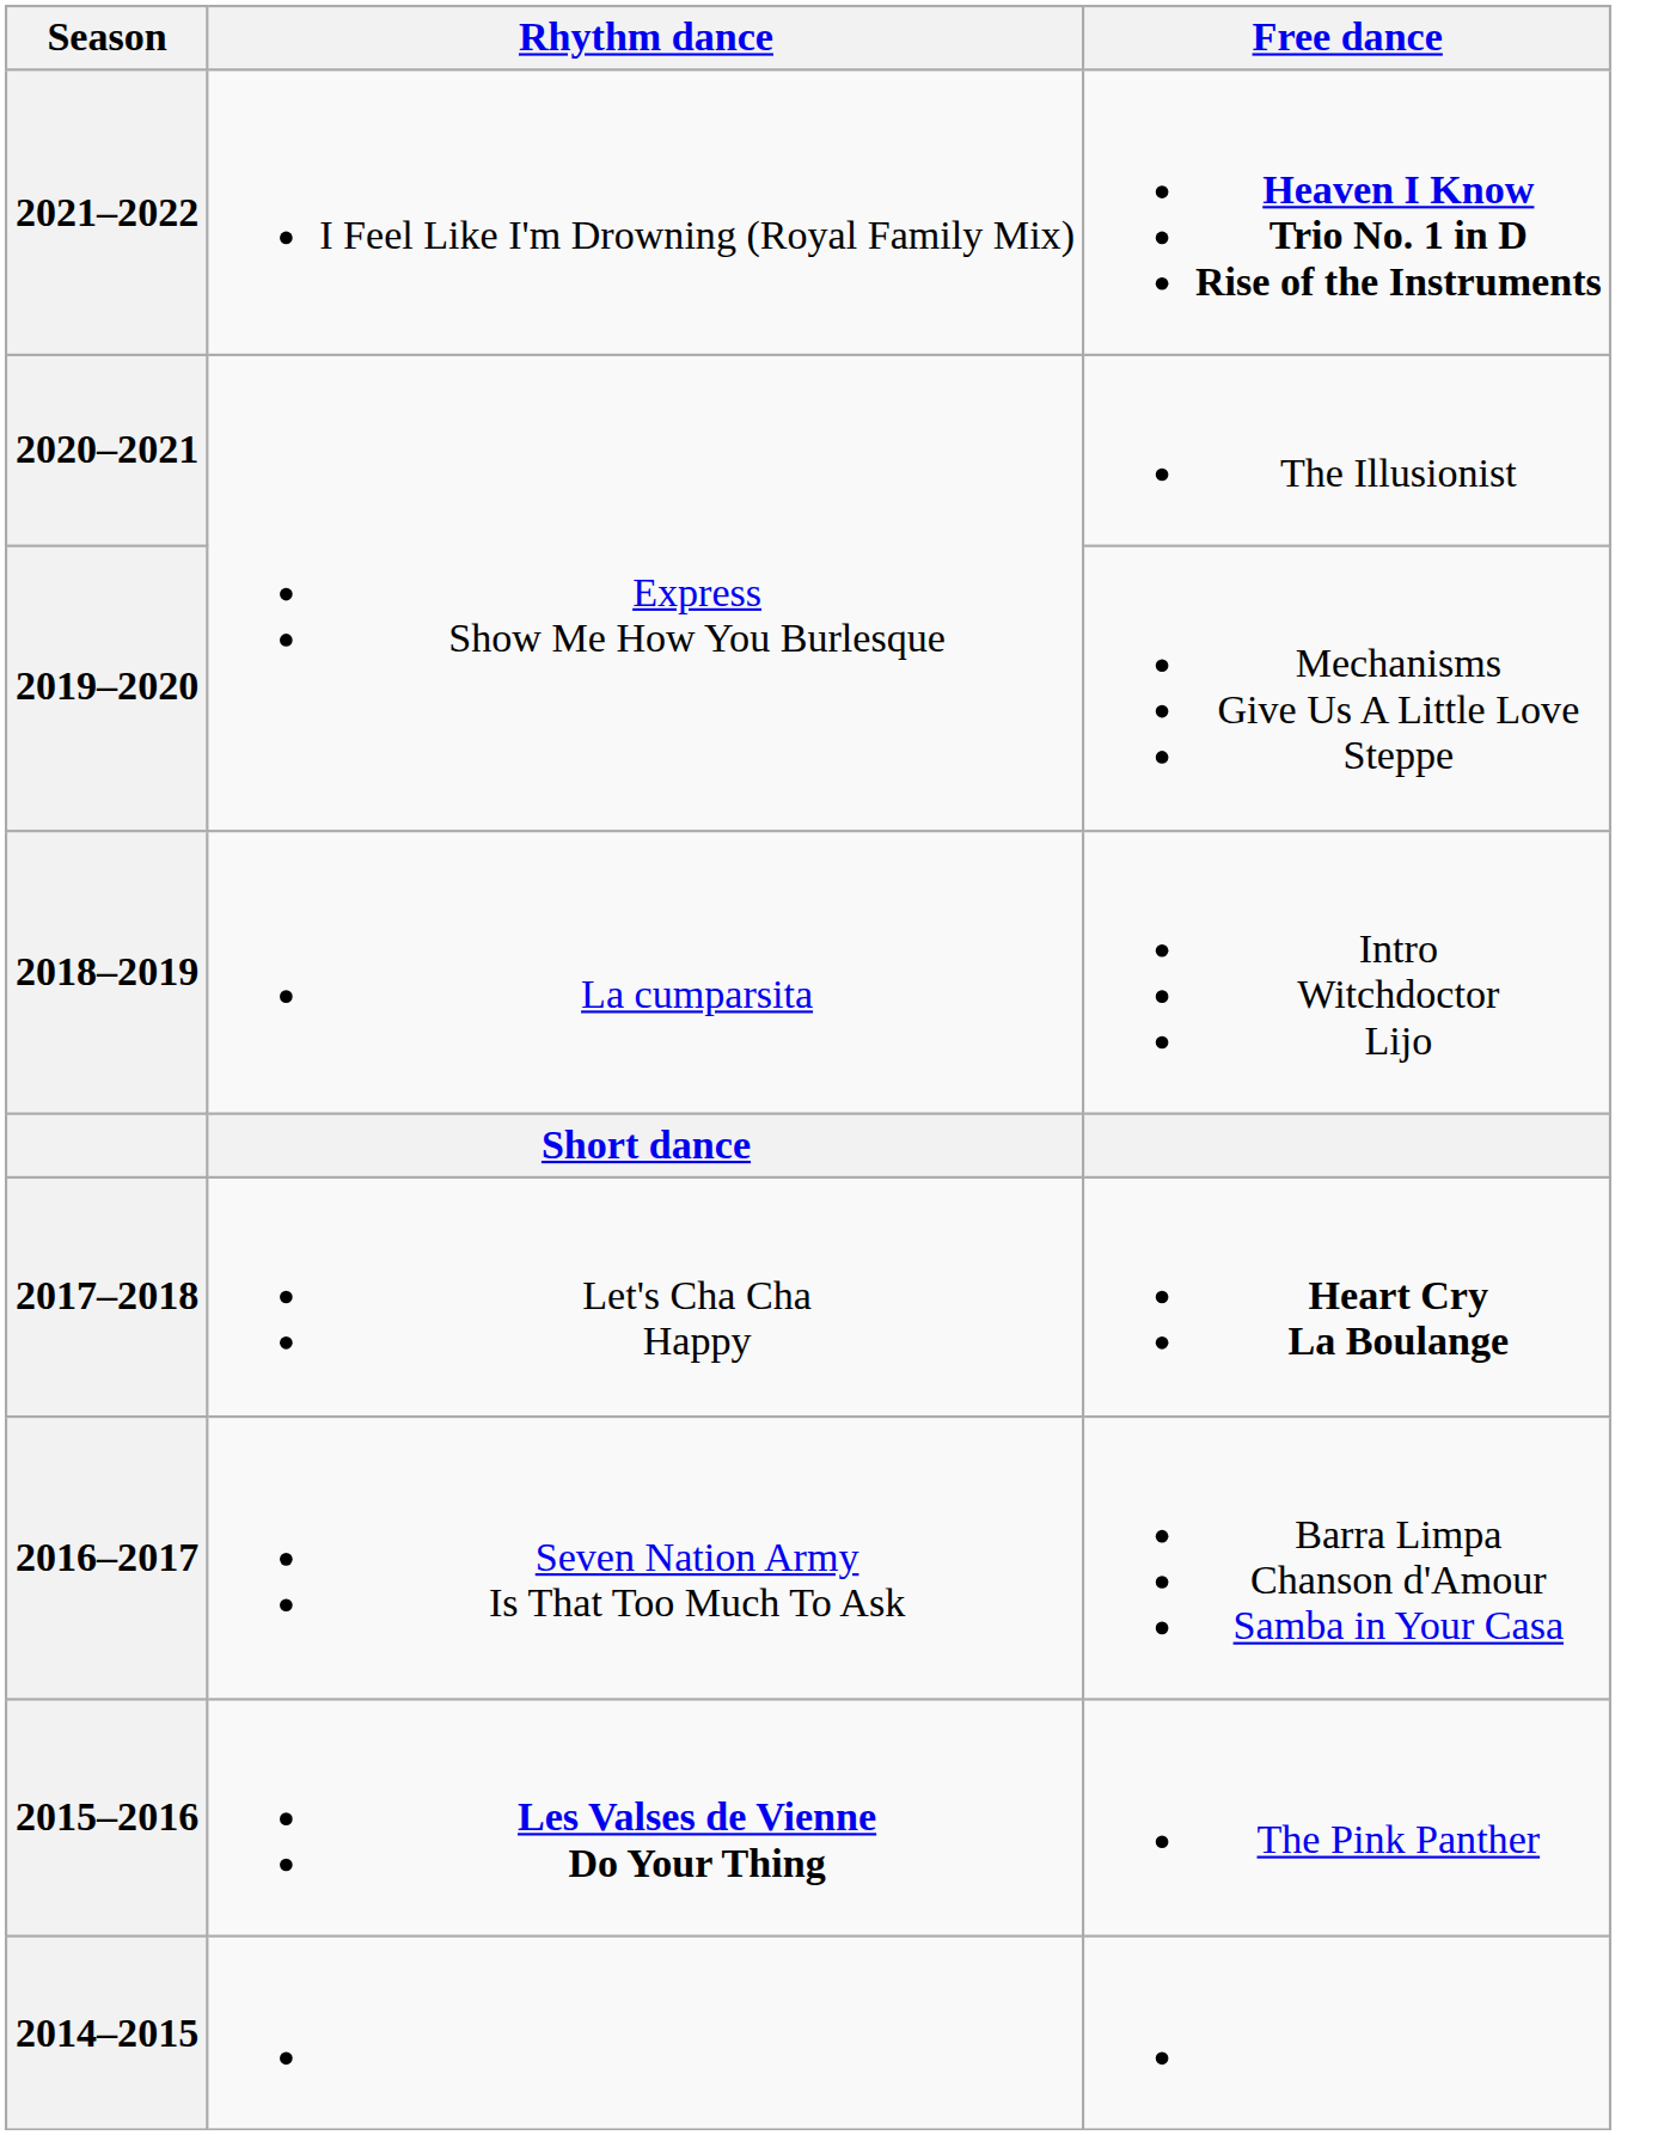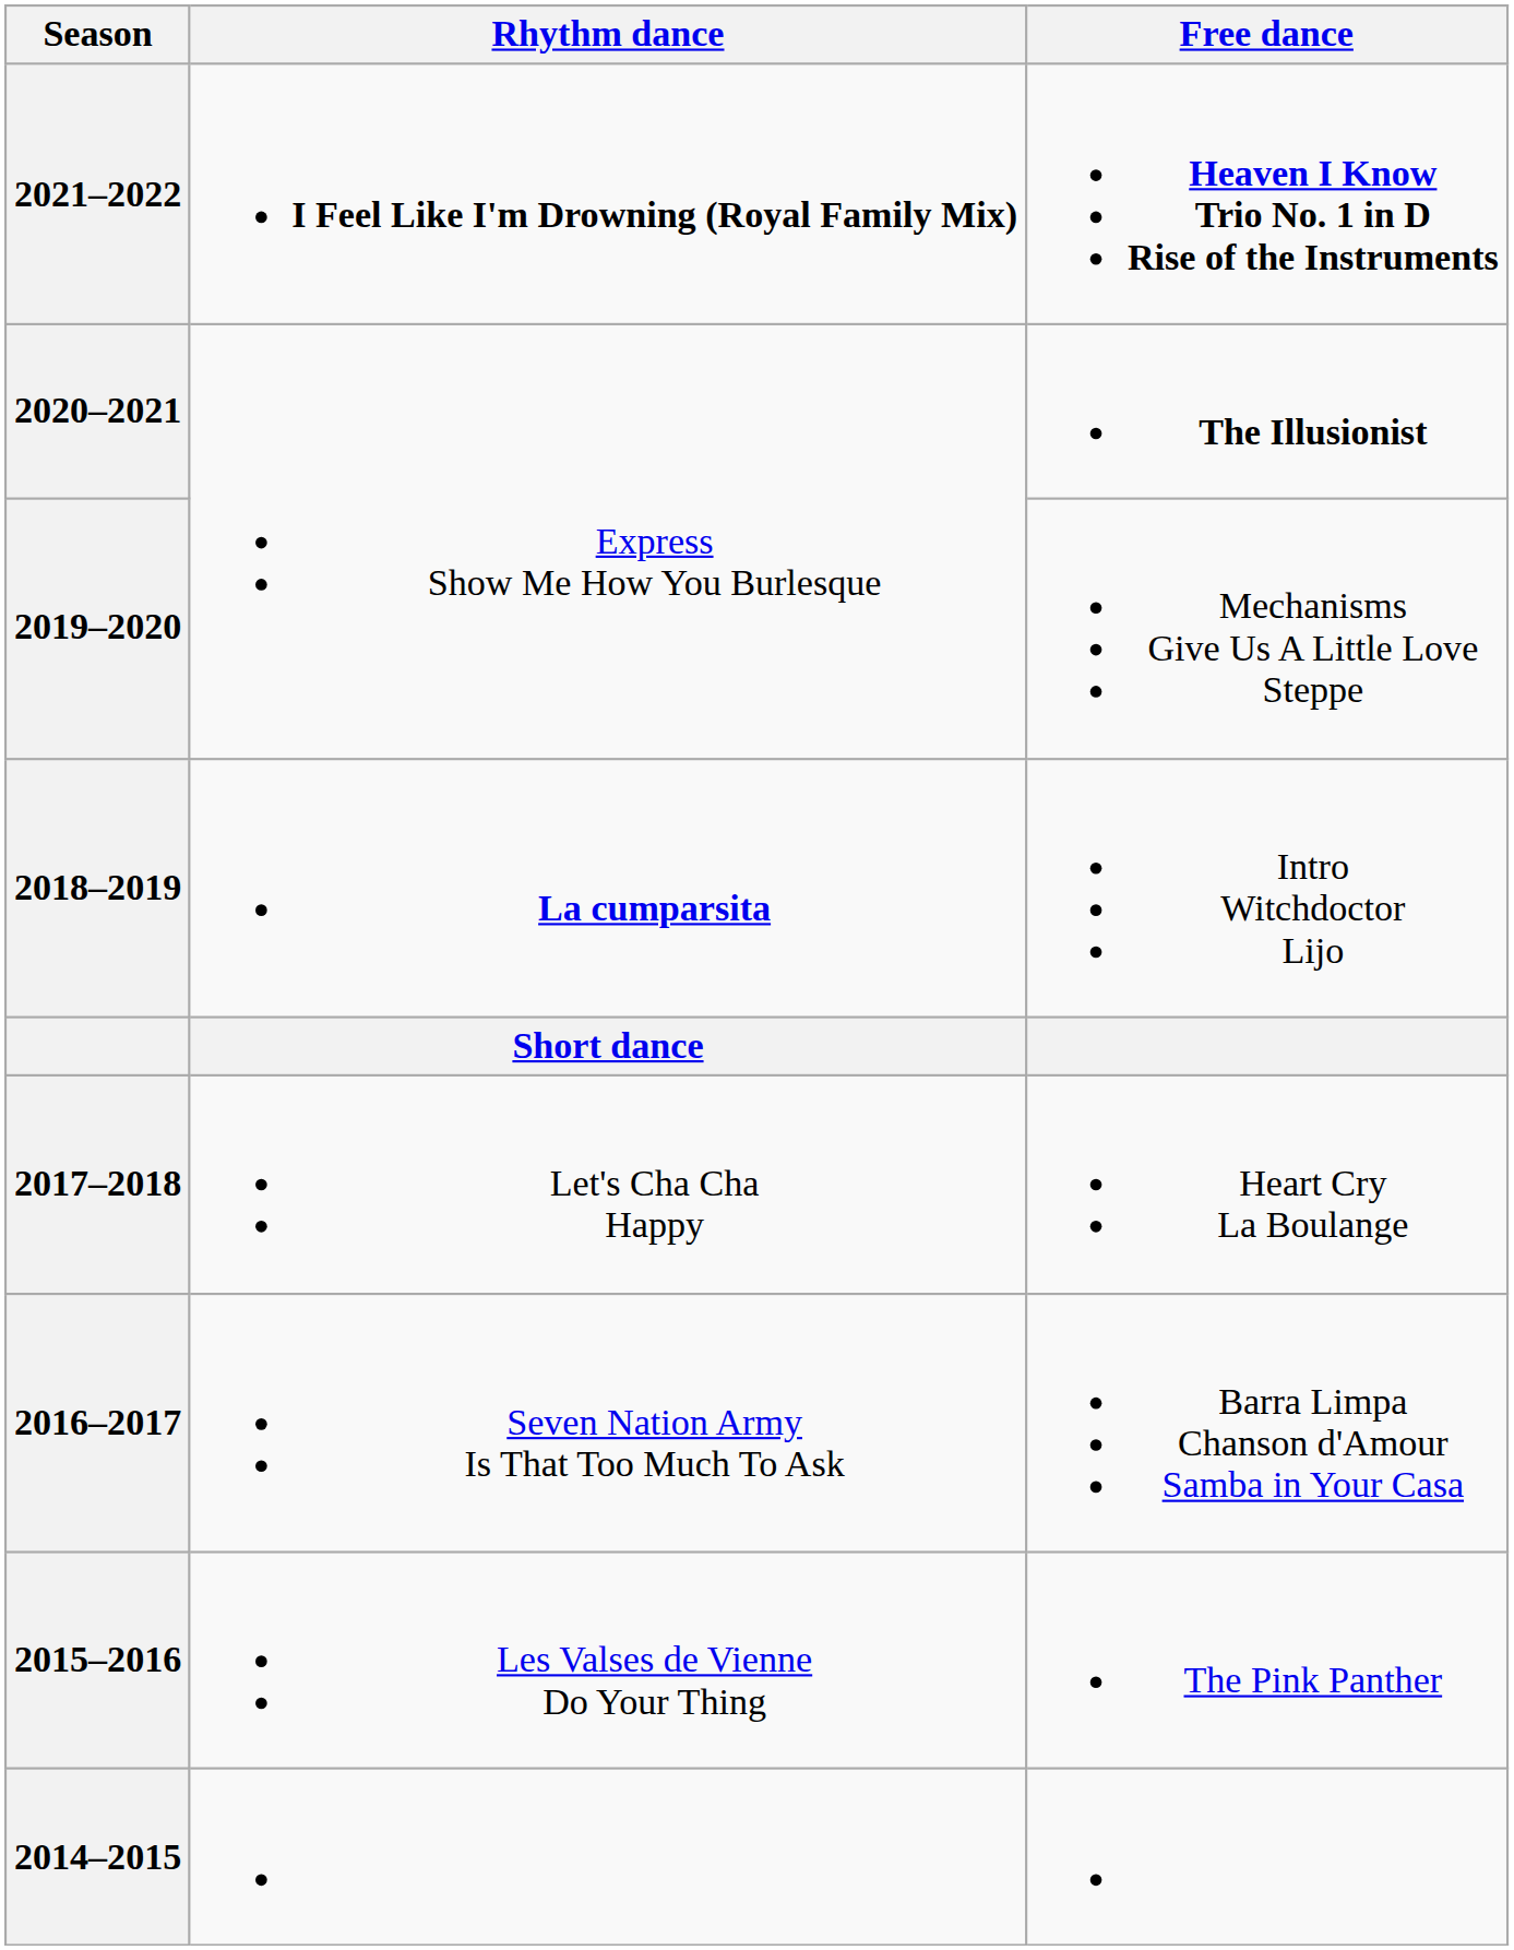 <table class=wikitable style=text-align:center>
 <tr>
 <th>Season</th>
 <th><a href='#'>Rhythm dance</a></th>
 <th><a href='#'>Free dance</a></th>
 </tr>
 <tr>
 <th>2021–2022 <br> </th>
-<td><br><ul><li>I Feel Like I'm Drowning (Royal Family Mix) <br> </li></ul></td>
+<td><strong><br><ul><li>I Feel Like I'm Drowning (Royal Family Mix) <br> </li></ul></strong></td>
 <td><strong><br><ul><li><a href='#'>Heaven I Know</a> <br> </li><li>Trio No. 1 in D <br> </li><li>Rise of the Instruments <br> </li></ul></strong></td>
 </tr>
 <tr>
 <th>2020–2021 <br> </th>
 <td rowspan=2><br><ul><li> <a href='#'>Express</a></li><li> Show Me How You Burlesque <br> </li></ul></td>
-<td><br><ul><li>The Illusionist <br> </li></ul></td>
+<td><strong><br><ul><li>The Illusionist <br> </li></ul></strong></td>
 </tr>
 <tr>
 <th>2019–2020 <br> </th>
 <td><br><ul><li>Mechanisms <br> </li><li>Give Us A Little Love <br> </li><li>Steppe <br> </li></ul></td>
 </tr>
 <tr>
 <th>2018–2019 <br> </th>
-<td><br><ul><li> <a href='#'>La cumparsita</a> <br></li></ul></td>
+<td><strong><br><ul><li> <a href='#'>La cumparsita</a> <br></li></ul></strong></td>
 <td><br><ul><li>Intro <br></li><li>Witchdoctor <br></li><li>Lijo <br></li></ul></td>
 </tr>
 <tr>
 <th></th>
 <th><a href='#'>Short dance</a></th>
 <th></th>
 </tr>
 <tr>
 <th>2017–2018 <br> </th>
 <td><br><ul><li> Let's Cha Cha <br></li><li> Happy <br></li></ul></td>
-<td><strong><br><ul><li>Heart Cry <br></li><li>La Boulange <br></li></ul></strong></td>
+<td><br><ul><li>Heart Cry <br></li><li>La Boulange <br></li></ul></td>
 </tr>
 <tr>
 <th>2016–2017 <br> </th>
 <td><br><ul><li> <a href='#'>Seven Nation Army</a> <br></li><li> Is That Too Much To Ask <br></li></ul></td>
 <td><br><ul><li>Barra Limpa <br></li><li>Chanson d'Amour <br></li><li><a href='#'>Samba in Your Casa</a> <br></li></ul></td>
 </tr>
 <tr>
 <th>2015–2016 <br> </th>
-<td><strong><br><ul><li> <a href='#'>Les Valses de Vienne</a> <br></li><li> Do Your Thing <br></li></ul></strong></td>
+<td><br><ul><li> <a href='#'>Les Valses de Vienne</a> <br></li><li> Do Your Thing <br></li></ul></td>
 <td><br><ul><li><a href='#'>The Pink Panther</a> <br></li></ul></td>
 </tr>
 <tr>
 <th>2014–2015</th>
 <td><br><ul><li></li></ul></td>
 <td><br><ul><li></li></ul></td>
 </tr>
 </table>
